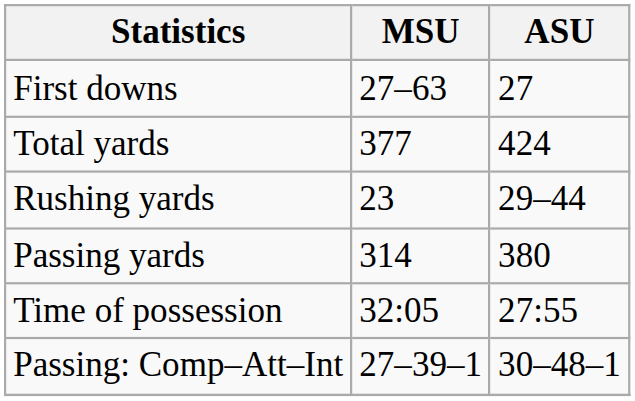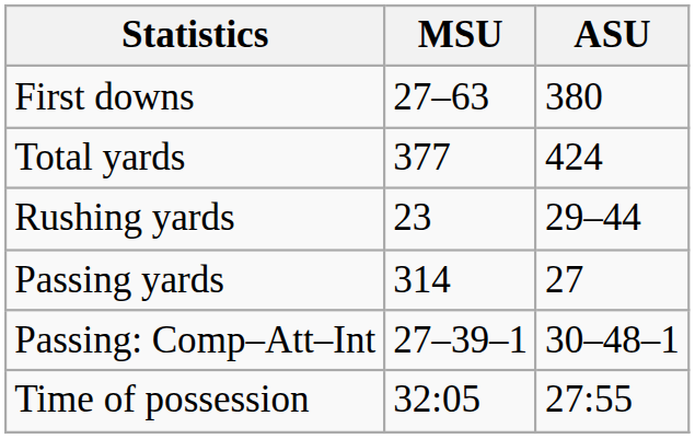 <table class="wikitable" style="float: left;">
 <tr>
 <th>Statistics</th>
 <th>MSU</th>
 <th>ASU</th>
 </tr>
 <tr>
 <td>First downs</td>
 <td>27–63</td>
-<td>27</td>
+<td>380</td>
 </tr>
 <tr>
 <td>Total yards</td>
 <td>377</td>
 <td>424</td>
 </tr>
 <tr>
 <td>Rushing yards</td>
 <td>23</td>
 <td>29–44</td>
 </tr>
 <tr>
 <td>Passing yards</td>
 <td>314</td>
-<td>380</td>
+<td>27</td>
+</tr>
+<tr>
+<td>Passing: Comp–Att–Int</td>
+<td>27–39–1</td>
+<td>30–48–1</td>
 </tr>
 <tr>
 <td>Time of possession</td>
 <td>32:05</td>
 <td>27:55</td>
 </tr>
 <tr>
-<td>Passing: Comp–Att–Int</td>
-<td>27–39–1</td>
-<td>30–48–1</td>
-</tr>
-<tr>
 </tr>
 </table>
